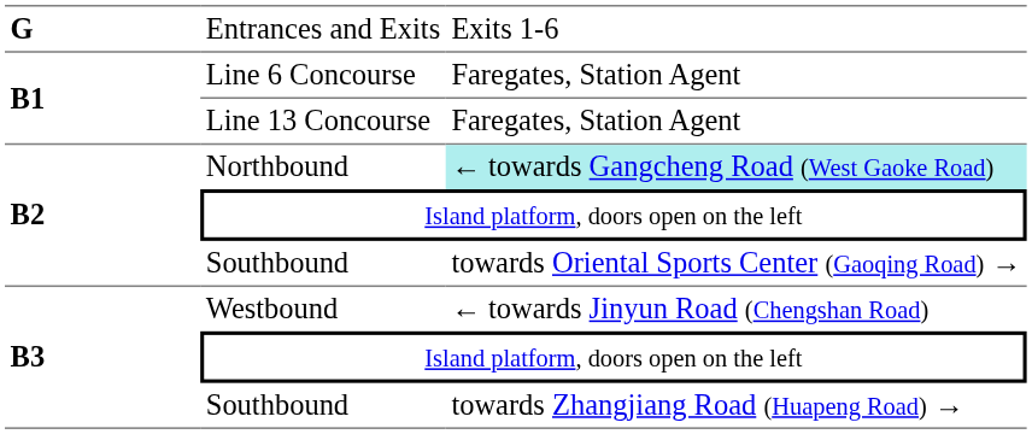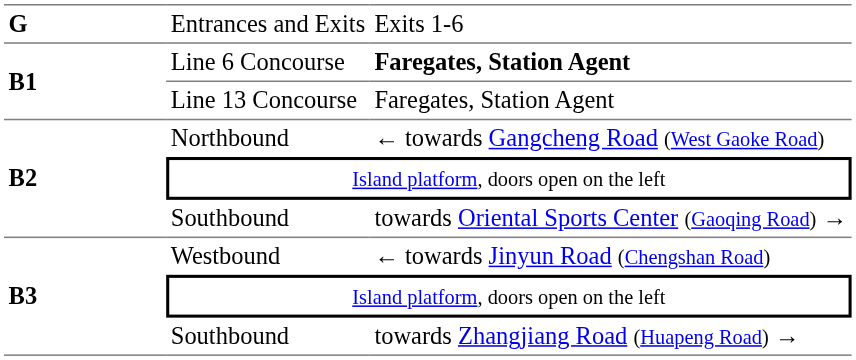 <table cellspacing=0 cellpadding=3>
 <tr>
 <td style="border-top:solid 1px gray;border-bottom:solid 1px gray;" width=100><strong>G</strong></td>
 <td style="border-top:solid 1px gray;border-bottom:solid 1px gray;">Entrances and Exits</td>
 <td style="border-top:solid 1px gray;border-bottom:solid 1px gray;">Exits 1-6</td>
 </tr>
 <tr>
 <td style="border-bottom:solid 1px gray;" rowspan=2><strong>B1</strong></td>
 <td style="border-bottom:solid 1px gray;">Line 6 Concourse</td>
-<td style="border-bottom:solid 1px gray;">Faregates, Station Agent</td>
+<td style="border-bottom:solid 1px gray;"><strong>Faregates, Station Agent</strong></td>
 </tr>
 <tr>
 <td style="border-bottom:solid 1px gray;">Line 13 Concourse</td>
 <td style="border-bottom:solid 1px gray;">Faregates, Station Agent</td>
 </tr>
 <tr>
 <td style="border-bottom:solid 1px gray;" rowspan=3><strong>B2</strong></td>
 <td>Northbound</td>
-<td style="background: paleturquoise;">←  towards <a href='#'>Gangcheng Road</a> <small>(<a href='#'>West Gaoke Road</a>)</small></td>
+<td>←  towards <a href='#'>Gangcheng Road</a> <small>(<a href='#'>West Gaoke Road</a>)</small></td>
 </tr>
 <tr>
 <td style="border-right:solid 2px black;border-left:solid 2px black;border-top:solid 2px black;border-bottom:solid 2px black;text-align:center;" colspan=2><small><a href='#'>Island platform</a>, doors open on the left</small></td>
 </tr>
 <tr>
 <td style="border-bottom:solid 1px gray;">Southbound</td>
 <td style="border-bottom:solid 1px gray;">  towards <a href='#'>Oriental Sports Center</a> <small>(<a href='#'>Gaoqing Road</a>)</small> →</td>
 </tr>
 <tr>
 <td style="border-bottom:solid 1px gray;" rowspan=3><strong>B3</strong></td>
 <td>Westbound</td>
 <td>←  towards <a href='#'>Jinyun Road</a> <small>(<a href='#'>Chengshan Road</a>)</small></td>
 </tr>
 <tr>
 <td style="border-right:solid 2px black;border-left:solid 2px black;border-top:solid 2px black;border-bottom:solid 2px black;text-align:center;" colspan=2><small><a href='#'>Island platform</a>, doors open on the left</small></td>
 </tr>
 <tr>
 <td style="border-bottom:solid 1px gray;">Southbound</td>
 <td style="border-bottom:solid 1px gray;">  towards <a href='#'>Zhangjiang Road</a> <small>(<a href='#'>Huapeng Road</a>)</small> →</td>
 </tr>
 </table>
